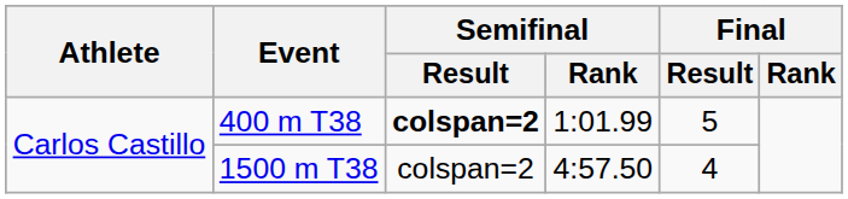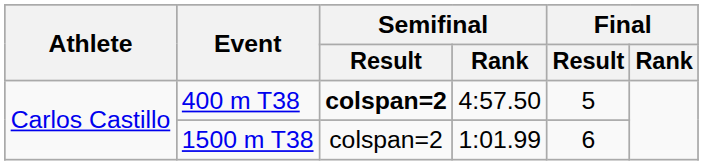 <table class="wikitable" style="font-size:90%">
 <tr>
 <th rowspan="2">Athlete</th>
 <th rowspan="2">Event</th>
 <th colspan="2">Semifinal</th>
 <th colspan="2">Final</th>
 </tr>
 <tr style="font-size:95%">
 <th>Result</th>
 <th>Rank</th>
 <th>Result</th>
 <th>Rank</th>
 </tr>
 <tr align=center>
 <td align=left rowspan=2><a href='#'>Carlos Castillo</a></td>
 <td align=left><a href='#'>400 m T38</a></td>
 <td><strong>colspan=2 </strong></td>
-<td>1:01.99</td>
+<td>4:57.50</td>
 <td>5</td>
 </tr>
 <tr align=center>
 <td align=left><a href='#'>1500 m T38</a></td>
 <td>colspan=2 </td>
-<td>4:57.50</td>
-<td>4</td>
+<td>1:01.99</td>
+<td>6</td>
 </tr>
 </table>
